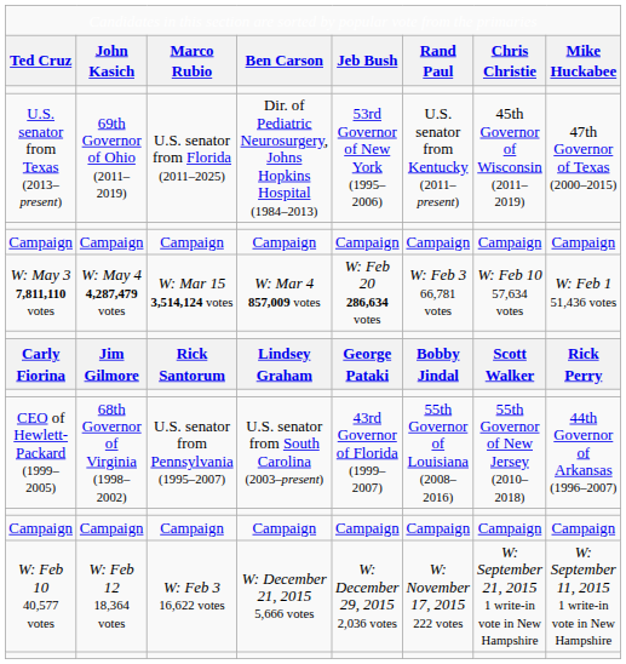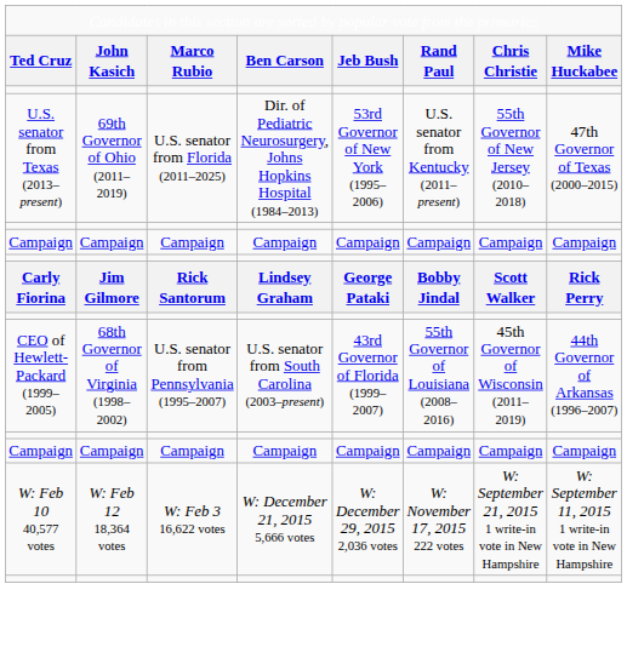 <table class="wikitable mw-collapsible mw-collapsed">
 <tr>
 <td colspan="8" style="text-align:center; font-size:120%; color:white; background:"><em><small>Candidates in this section are sorted by popular vote from the primaries</small></em></td>
 </tr>
 <tr>
 <th scope="col" style="width:3em; font-size:120%;"><a href='#'><small>Ted Cruz</small></a></th>
 <th scope="col" style="width:3em; font-size:120%;"><a href='#'><small>John Kasich</small></a></th>
 <th scope="col" style="width:3em; font-size:120%;"><a href='#'><small>Marco Rubio</small></a></th>
 <th scope="col" style="width:3em; font-size:120%;"><a href='#'><small>Ben Carson</small></a></th>
 <th scope="col" style="width:3em; font-size:120%;"><a href='#'><small>Jeb Bush</small></a></th>
 <th scope="col" style="width:3em; font-size:120%;"><a href='#'><small>Rand Paul</small></a></th>
 <th scope="col" style="width:3em; font-size:120%;"><a href='#'><small>Chris Christie</small></a></th>
 <th scope="col" style="width:3em; font-size:120%;"><a href='#'><small>Mike Huckabee</small></a></th>
 </tr>
 <tr>
 <td></td>
 <td></td>
 <td></td>
 <td></td>
 <td></td>
 <td></td>
 <td></td>
 <td></td>
 </tr>
 <tr style="text-align:center">
 <td><a href='#'>U.S. senator</a><br>from <a href='#'>Texas</a><br><small>(2013–<em>present</em>)</small></td>
 <td><a href='#'>69th</a><br><a href='#'>Governor of Ohio</a><br><small>(2011–2019)</small></td>
 <td>U.S. senator<br>from <a href='#'>Florida</a><br><small>(2011–2025)</small></td>
 <td>Dir. of <a href='#'>Pediatric Neurosurgery</a>,<br><a href='#'>Johns Hopkins Hospital</a><br><small>(1984–2013)</small></td>
 <td><a href='#'>53rd</a><br><a href='#'>Governor of New York</a><br><small>(1995–2006)</small></td>
 <td>U.S. senator<br>from <a href='#'>Kentucky</a><br><small>(2011–<em>present</em>)</small></td>
-<td>45th<br><a href='#'>Governor of Wisconsin</a><br><small>(2011–2019)</small></td>
+<td><a href='#'>55th</a><br><a href='#'>Governor of New Jersey</a><br><small>(2010–2018)</small></td>
 <td>47th<br><a href='#'>Governor of Texas</a><br><small>(2000–2015)</small></td>
 </tr>
 <tr>
 <td></td>
 <td></td>
 <td></td>
 <td></td>
 <td></td>
 <td></td>
 <td></td>
 <td></td>
 </tr>
 <tr style="text-align:center">
 <td><a href='#'>Campaign</a></td>
 <td><a href='#'>Campaign</a></td>
 <td><a href='#'>Campaign</a></td>
 <td><a href='#'>Campaign</a></td>
 <td><a href='#'>Campaign</a></td>
 <td><a href='#'>Campaign</a></td>
 <td><a href='#'>Campaign</a></td>
 <td><a href='#'>Campaign</a></td>
-</tr>
-<tr style="text-align:center">
-<td><em>W: May 3</em><br><small><strong>7,811,110</strong> votes</small></td>
-<td><em>W: May 4</em><br><small><strong>4,287,479</strong> votes</small></td>
-<td><em>W: Mar 15</em><br><small><strong>3,514,124</strong> votes</small></td>
-<td><em>W: Mar 4</em><br><small><strong>857,009</strong> votes</small></td>
-<td><em>W: Feb 20</em><br><small><strong>286,634</strong> votes</small></td>
-<td><em>W: Feb 3</em><br><small>66,781 votes</small></td>
-<td><em>W: Feb 10</em><br><small>57,634 votes</small></td>
-<td><em>W: Feb 1</em><br><small>51,436 votes</small></td>
 </tr>
 <tr style="text-align:center">
 <td></td>
 <td></td>
 <td></td>
 <td></td>
 <td></td>
 <td></td>
 <td></td>
 <td></td>
 </tr>
 <tr>
 <th scope="col" style="width:3em; font-size:120%;"><a href='#'><small>Carly Fiorina</small></a></th>
 <th scope="col" style="width:3em; font-size:120%;"><a href='#'><small>Jim Gilmore</small></a></th>
 <th scope="col" style="width:3em; font-size:120%;"><a href='#'><small>Rick Santorum</small></a></th>
 <th scope="col" style="width:3em; font-size:120%;"><a href='#'><small>Lindsey Graham</small></a></th>
 <th scope="col" style="width:3em; font-size:120%;"><a href='#'><small>George Pataki</small></a></th>
 <th scope="col" style="width:3em; font-size:120%;"><a href='#'><small>Bobby Jindal</small></a></th>
 <th scope="col" style="width:3em; font-size:120%;"><a href='#'><small>Scott Walker</small></a></th>
 <th scope="col" style="width:3em; font-size:120%;"><a href='#'><small>Rick Perry</small></a></th>
 </tr>
 <tr>
 <td></td>
 <td></td>
 <td></td>
 <td></td>
 <td></td>
 <td></td>
 <td></td>
 <td></td>
 </tr>
 <tr style="text-align:center">
 <td><a href='#'>CEO</a> of<br><a href='#'>Hewlett-Packard</a><br><small>(1999–2005)</small></td>
 <td><a href='#'>68th</a><br><a href='#'>Governor of Virginia</a><br><small>(1998–2002)</small></td>
 <td>U.S. senator<br>from <a href='#'>Pennsylvania</a><br><small>(1995–2007)</small></td>
 <td>U.S. senator<br> from <a href='#'>South Carolina</a><br><small>(2003–<em>present</em>)</small></td>
 <td><a href='#'>43rd</a><br><a href='#'>Governor of Florida</a><br><small>(1999–2007)</small></td>
 <td><a href='#'>55th</a><br><a href='#'>Governor of Louisiana</a><br><small>(2008–2016)</small></td>
-<td><a href='#'>55th</a><br><a href='#'>Governor of New Jersey</a><br><small>(2010–2018)</small></td>
+<td>45th<br><a href='#'>Governor of Wisconsin</a><br><small>(2011–2019)</small></td>
 <td><a href='#'>44th</a><br><a href='#'>Governor of Arkansas</a><br><small>(1996–2007)</small></td>
 </tr>
 <tr>
 <td></td>
 <td></td>
 <td></td>
 <td></td>
 <td></td>
 <td></td>
 <td></td>
 <td></td>
 </tr>
 <tr style="text-align:center">
 <td><a href='#'>Campaign</a></td>
 <td><a href='#'>Campaign</a></td>
 <td><a href='#'>Campaign</a></td>
 <td><a href='#'>Campaign</a></td>
 <td><a href='#'>Campaign</a></td>
 <td><a href='#'>Campaign</a></td>
 <td><a href='#'>Campaign</a></td>
 <td><a href='#'>Campaign</a></td>
 </tr>
 <tr style="text-align:center">
 <td><em>W: Feb 10</em><br><small>40,577 votes</small></td>
 <td><em>W: Feb 12</em><br><small>18,364 votes</small></td>
 <td><em>W: Feb 3</em><br><small>16,622 votes</small></td>
 <td><em>W: December 21, 2015</em><br><small>5,666 votes</small></td>
 <td><em>W: December 29, 2015</em><br><small>2,036 votes</small></td>
 <td><em>W: November 17, 2015</em><br><small>222 votes</small></td>
 <td><em>W: September 21, 2015</em><br><small>1 write-in vote in New Hampshire</small></td>
 <td><em>W: September 11, 2015</em><br><small>1 write-in vote in New Hampshire</small></td>
 </tr>
 <tr style="text-align:center">
 <td></td>
 <td></td>
 <td></td>
 <td></td>
 <td></td>
 <td></td>
 <td></td>
 <td></td>
 </tr>
 </table>
